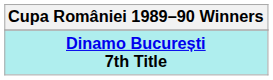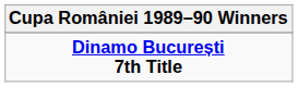 <table class="wikitable" style="text-align: center; margin: 0 auto;">
 <tr>
 <th>Cupa României 1989–90 Winners</th>
 </tr>
 <tr>
 </tr>
 <tr>
-<td style="background: paleturquoise;"><strong><a href='#'>Dinamo București</a></strong><br><strong>7th Title</strong></td>
+<td><strong><a href='#'>Dinamo București</a></strong><br><strong>7th Title</strong></td>
 </tr>
 </table>
